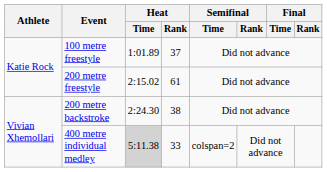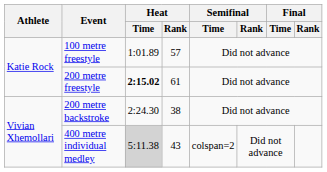 <table class="wikitable" style="text-align:center; font-size:90%; width:50%;">
 <tr>
 <th rowspan="2">Athlete</th>
 <th rowspan="2">Event</th>
 <th colspan="2">Heat</th>
 <th colspan="2">Semifinal</th>
 <th colspan="2">Final</th>
 </tr>
 <tr style="font-size:95%">
 <th>Time</th>
 <th>Rank</th>
 <th>Time</th>
 <th>Rank</th>
 <th>Time</th>
 <th>Rank</th>
 </tr>
 <tr>
 <td align=left rowspan=2><a href='#'>Katie Rock</a></td>
 <td align=left><a href='#'>100 metre freestyle</a></td>
 <td>1:01.89</td>
-<td>37</td>
+<td>57</td>
 <td colspan=4>Did not advance</td>
 </tr>
 <tr>
 <td align=left><a href='#'>200 metre freestyle</a></td>
-<td>2:15.02</td>
+<td><strong>2:15.02</strong></td>
 <td>61</td>
 <td colspan=4>Did not advance</td>
 </tr>
 <tr>
 <td align=left rowspan=2><a href='#'>Vivian Xhemollari</a></td>
 <td align=left><a href='#'>200 metre backstroke</a></td>
 <td>2:24.30</td>
 <td>38</td>
 <td colspan=4>Did not advance</td>
 </tr>
 <tr>
 <td align=left><a href='#'>400 metre individual medley</a></td>
 <td style="background: lightgrey;">5:11.38</td>
-<td>33</td>
+<td>43</td>
 <td>colspan=2 </td>
 <td colspan=2>Did not advance</td>
 </tr>
 </table>
